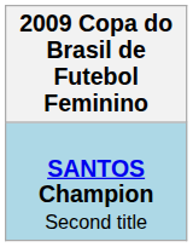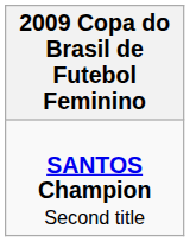 <table class="wikitable" style="margin: 0 auto; width: 20%;">
 <tr>
 <th>2009 Copa do Brasil de Futebol Feminino</th>
 </tr>
 <tr>
-<td align=center style="background: lightblue;"> <br><strong><a href='#'>SANTOS</a></strong><br><strong>Champion</strong><br><small>Second title</small></td>
+<td align=center> <br><strong><a href='#'>SANTOS</a></strong><br><strong>Champion</strong><br><small>Second title</small></td>
 </tr>
 </table>
